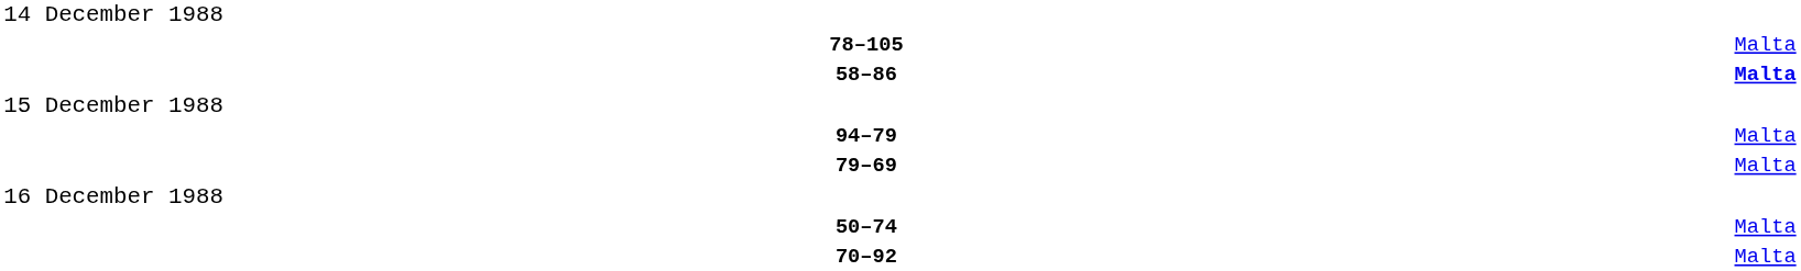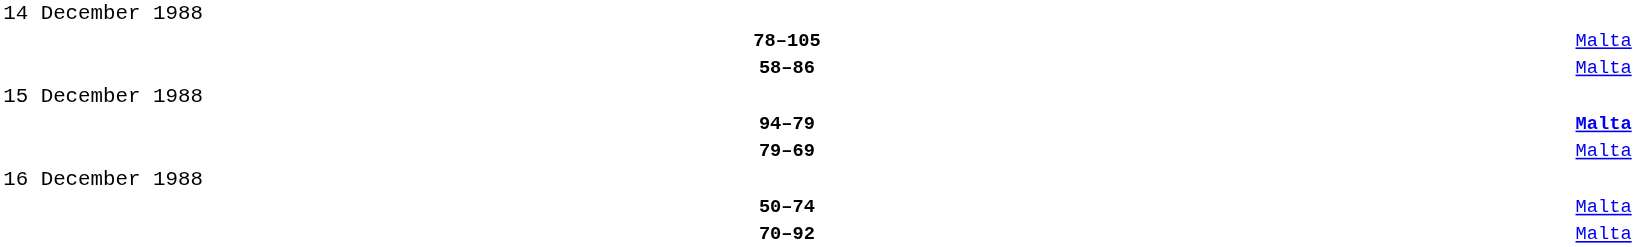 <table style="width:100%;" cellspacing="1">
 <tr>
 <th width=25%></th>
 <th width=3%></th>
 <th width=6%></th>
 <th width=3%></th>
 <th width=25%></th>
 </tr>
 <tr>
 <td>14 December 1988</td>
 </tr>
 <tr style=font-size:90%>
 <td align=right><strong></strong></td>
 <td></td>
 <td align=center><strong>78–105</strong></td>
 <td></td>
 <td><strong></strong></td>
 <td><a href='#'>Malta</a></td>
 </tr>
 <tr style=font-size:90%>
 <td align=right><strong></strong></td>
 <td></td>
 <td align=center><strong>58–86</strong></td>
 <td></td>
 <td><strong></strong></td>
-<td><strong><a href='#'>Malta</a></strong></td>
+<td><a href='#'>Malta</a></td>
 </tr>
 <tr>
 <td>15 December 1988</td>
 </tr>
 <tr style=font-size:90%>
 <td align=right><strong></strong></td>
 <td></td>
 <td align=center><strong>94–79</strong></td>
 <td></td>
 <td><strong></strong></td>
-<td><a href='#'>Malta</a></td>
+<td><strong><a href='#'>Malta</a></strong></td>
 </tr>
 <tr style=font-size:90%>
 <td align=right><strong></strong></td>
 <td></td>
 <td align=center><strong>79–69</strong></td>
 <td></td>
 <td><strong></strong></td>
 <td><a href='#'>Malta</a></td>
 </tr>
 <tr>
 <td>16 December 1988</td>
 </tr>
 <tr style=font-size:90%>
 <td align=right><strong></strong></td>
 <td></td>
 <td align=center><strong>50–74</strong></td>
 <td></td>
 <td><strong></strong></td>
 <td><a href='#'>Malta</a></td>
 </tr>
 <tr style=font-size:90%>
 <td align=right><strong></strong></td>
 <td></td>
 <td align=center><strong>70–92</strong></td>
 <td></td>
 <td><strong></strong></td>
 <td><a href='#'>Malta</a></td>
 </tr>
 </table>
